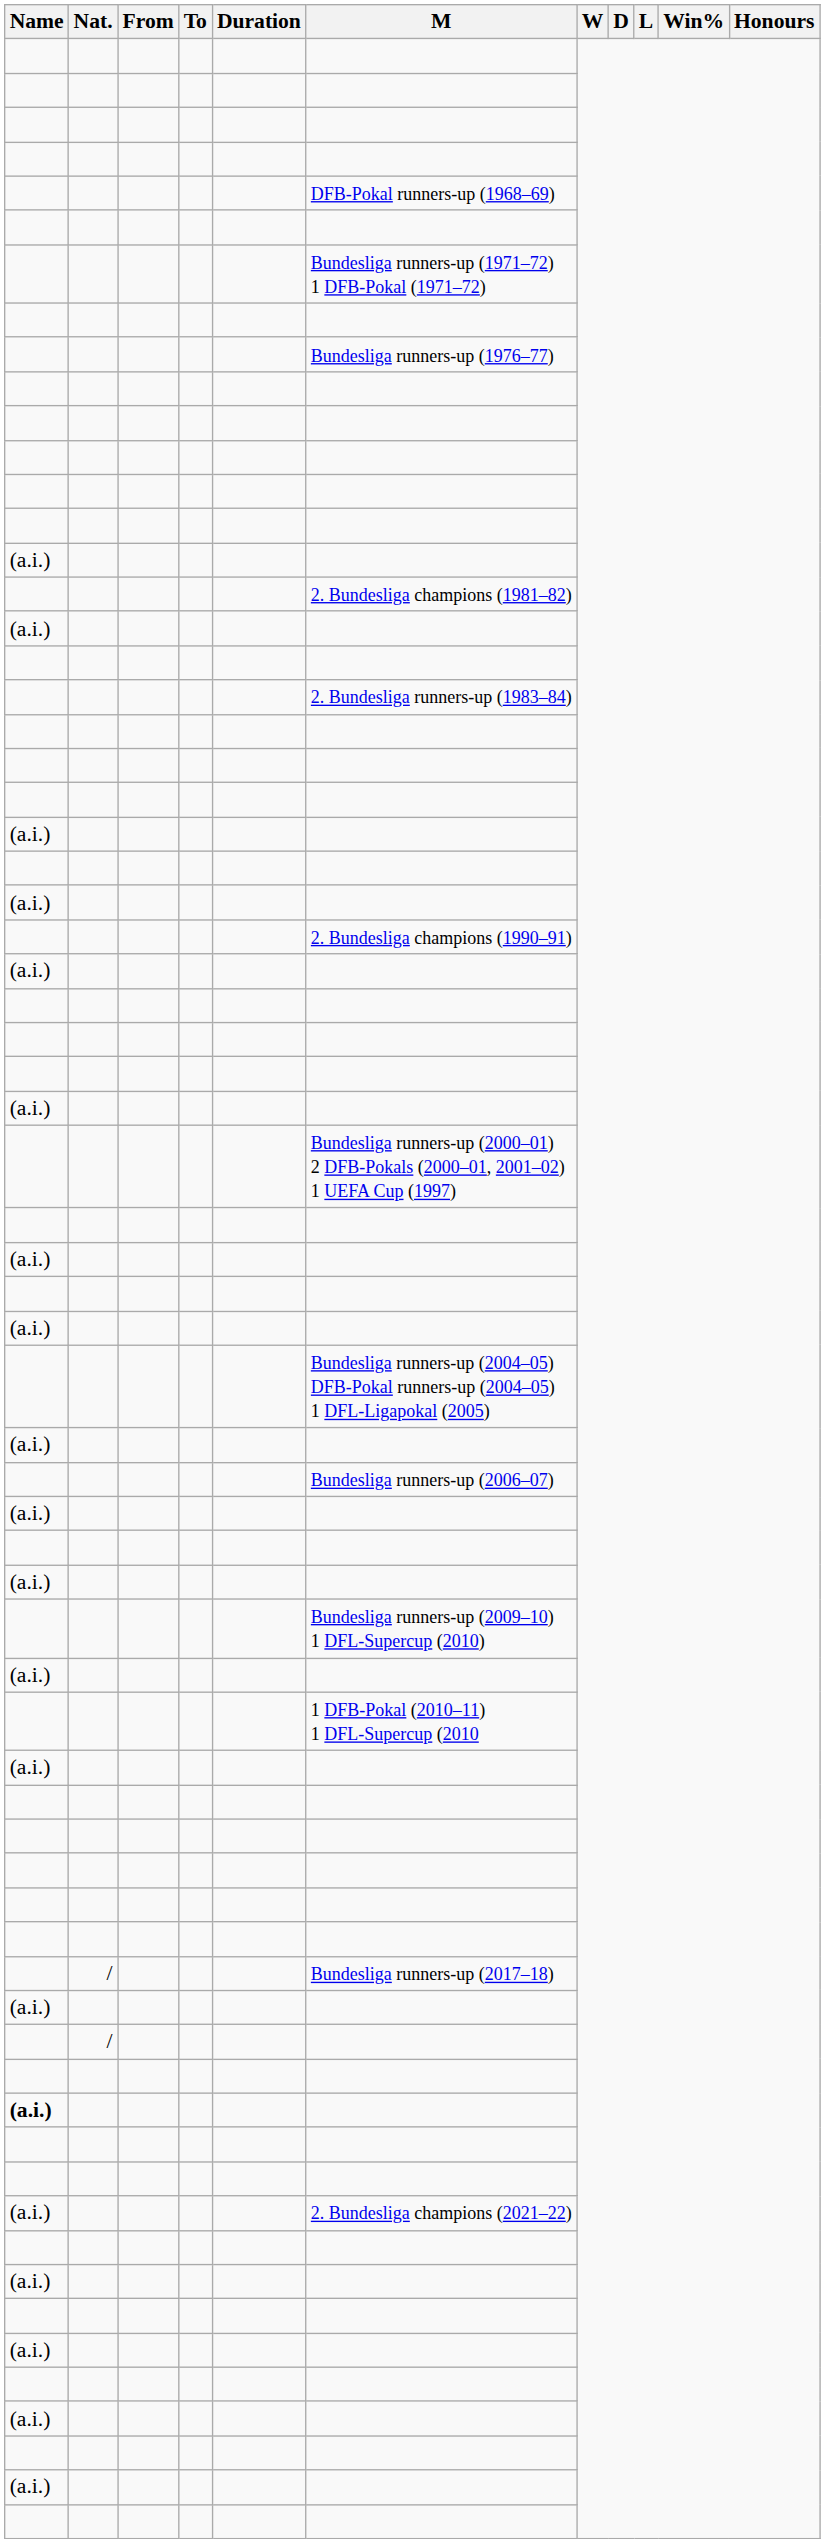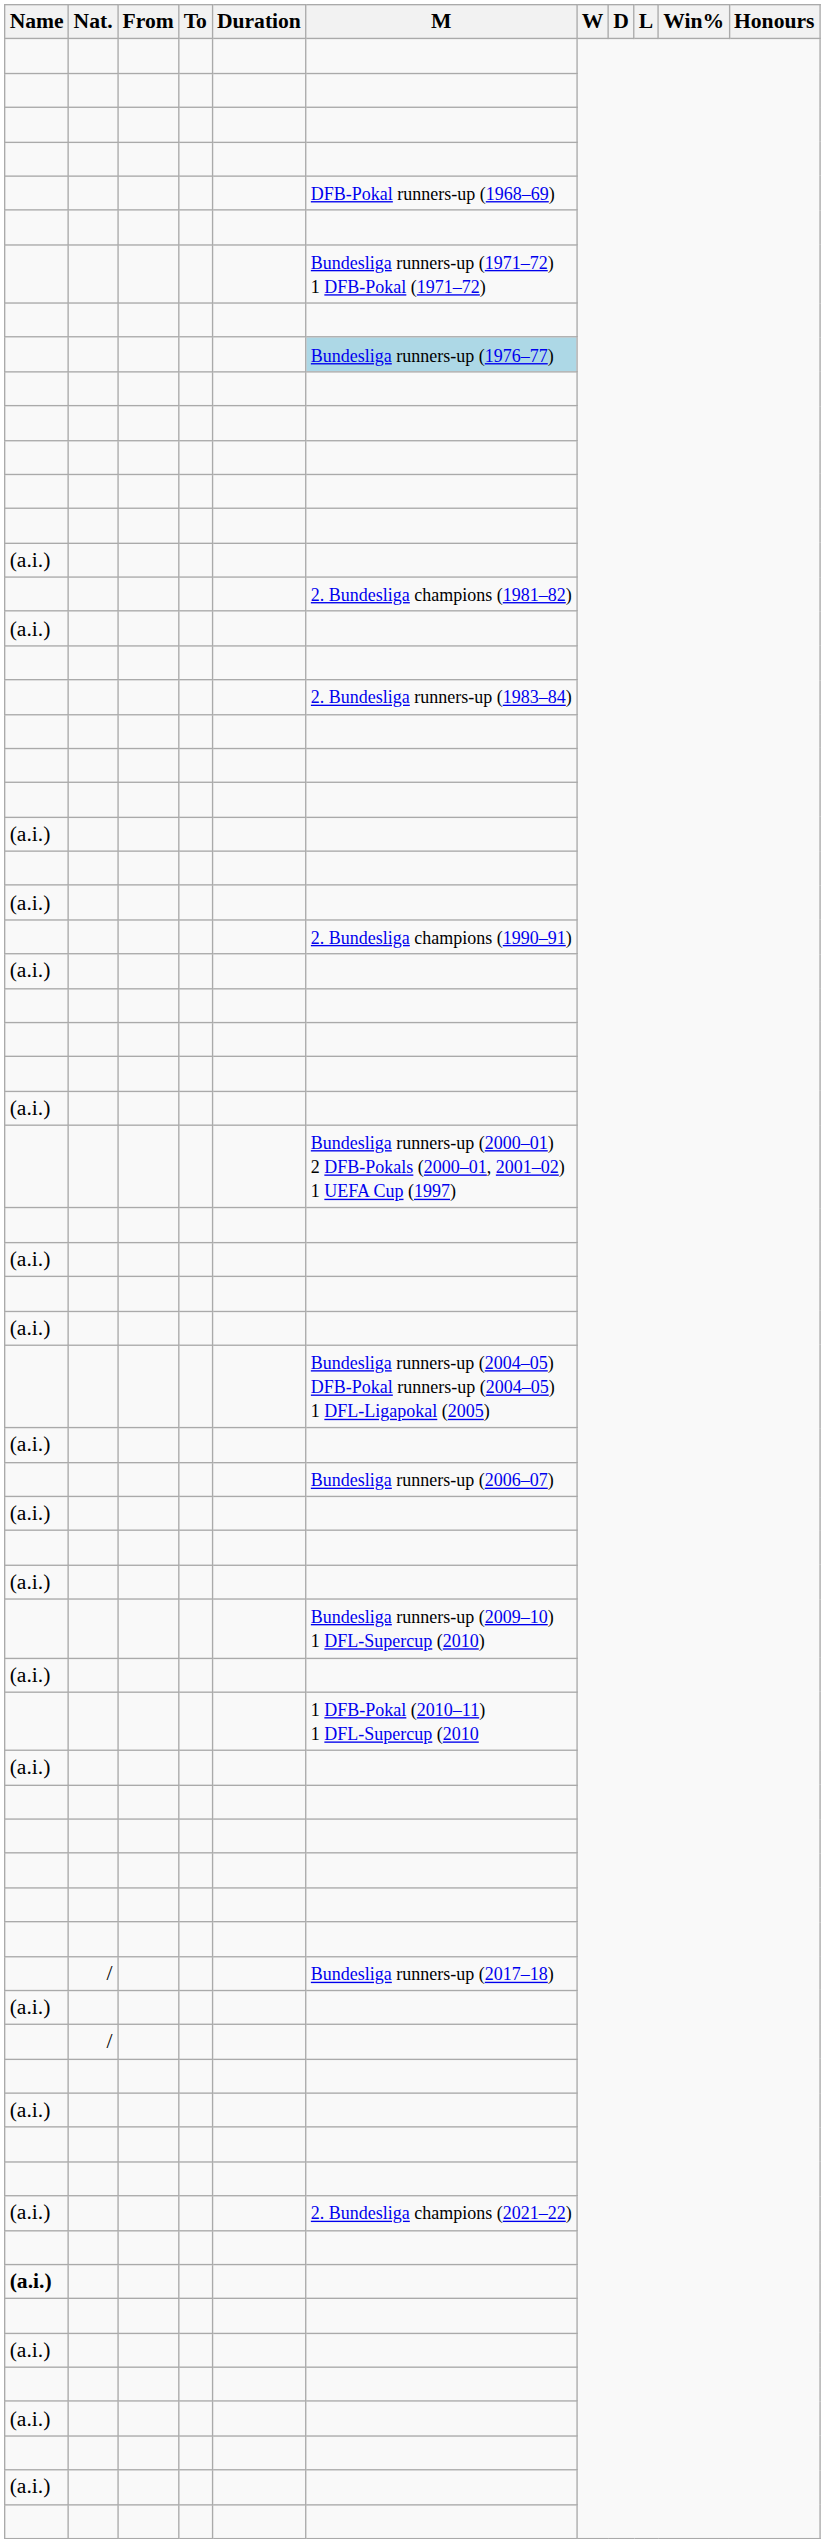 <table class="wikitable sortable nowrap" style="text-align:right">
 <tr>
 <th>Name</th>
 <th>Nat.</th>
 <th>From</th>
 <th>To</th>
 <th>Duration</th>
 <th>M</th>
 <th>W</th>
 <th>D</th>
 <th>L</th>
 <th>Win%</th>
 <th>Honours</th>
 </tr>
 <tr>
 <td align=left></td>
 <td></td>
 <td></td>
 <td></td>
 <td><br></td>
 <td></td>
 </tr>
 <tr>
 <td align=left></td>
 <td></td>
 <td></td>
 <td></td>
 <td><br></td>
 <td></td>
 </tr>
 <tr>
 <td align=left></td>
 <td></td>
 <td></td>
 <td></td>
 <td><br></td>
 <td></td>
 </tr>
 <tr>
 <td align=left></td>
 <td></td>
 <td></td>
 <td></td>
 <td><br></td>
 <td></td>
 </tr>
 <tr>
 <td align=left></td>
 <td></td>
 <td></td>
 <td></td>
 <td><br></td>
 <td align=left><small><a href='#'>DFB-Pokal</a> runners-up (<a href='#'>1968–69</a>)</small></td>
 </tr>
 <tr>
 <td align=left></td>
 <td></td>
 <td></td>
 <td></td>
 <td><br></td>
 <td></td>
 </tr>
 <tr>
 <td align=left></td>
 <td></td>
 <td></td>
 <td></td>
 <td><br></td>
 <td align=left><small><a href='#'>Bundesliga</a> runners-up (<a href='#'>1971–72</a>)<br>1 <a href='#'>DFB-Pokal</a> (<a href='#'>1971–72</a>)</small></td>
 </tr>
 <tr>
 <td align=left></td>
 <td></td>
 <td></td>
 <td></td>
 <td><br></td>
 <td></td>
 </tr>
 <tr>
 <td align=left></td>
 <td></td>
 <td></td>
 <td></td>
 <td><br></td>
-<td align=left><small><a href='#'>Bundesliga</a> runners-up (<a href='#'>1976–77</a>)</small></td>
+<td align=left style="background: lightblue;"><small><a href='#'>Bundesliga</a> runners-up (<a href='#'>1976–77</a>)</small></td>
 </tr>
 <tr>
 <td align=left></td>
 <td></td>
 <td></td>
 <td></td>
 <td><br></td>
 <td></td>
 </tr>
 <tr>
 <td align=left></td>
 <td></td>
 <td></td>
 <td></td>
 <td><br></td>
 <td></td>
 </tr>
 <tr>
 <td align=left></td>
 <td></td>
 <td></td>
 <td></td>
 <td><br></td>
 <td></td>
 </tr>
 <tr>
 <td align=left></td>
 <td></td>
 <td></td>
 <td></td>
 <td><br></td>
 <td></td>
 </tr>
 <tr>
 <td align=left></td>
 <td></td>
 <td></td>
 <td></td>
 <td><br></td>
 <td></td>
 </tr>
 <tr>
 <td align=left> (a.i.)</td>
 <td></td>
 <td></td>
 <td></td>
 <td><br></td>
 <td></td>
 </tr>
 <tr>
 <td align=left></td>
 <td></td>
 <td></td>
 <td></td>
 <td><br></td>
 <td align=left><small><a href='#'>2. Bundesliga</a> champions (<a href='#'>1981–82</a>)</small></td>
 </tr>
 <tr>
 <td align=left> (a.i.)</td>
 <td></td>
 <td></td>
 <td></td>
 <td><br></td>
 <td></td>
 </tr>
 <tr>
 <td align=left></td>
 <td></td>
 <td></td>
 <td></td>
 <td><br></td>
 <td></td>
 </tr>
 <tr>
 <td align=left></td>
 <td></td>
 <td></td>
 <td></td>
 <td><br></td>
 <td align=left><small><a href='#'>2. Bundesliga</a> runners-up (<a href='#'>1983–84</a>)</small></td>
 </tr>
 <tr>
 <td align=left></td>
 <td></td>
 <td></td>
 <td></td>
 <td><br></td>
 <td></td>
 </tr>
 <tr>
 <td align=left></td>
 <td></td>
 <td></td>
 <td></td>
 <td><br></td>
 <td></td>
 </tr>
 <tr>
 <td align=left></td>
 <td></td>
 <td></td>
 <td></td>
 <td><br></td>
 <td></td>
 </tr>
 <tr>
 <td align=left> (a.i.)</td>
 <td></td>
 <td></td>
 <td></td>
 <td><br></td>
 <td></td>
 </tr>
 <tr>
 <td align=left></td>
 <td></td>
 <td></td>
 <td></td>
 <td><br></td>
 <td></td>
 </tr>
 <tr>
 <td align=left> (a.i.)</td>
 <td></td>
 <td></td>
 <td></td>
 <td><br></td>
 <td></td>
 </tr>
 <tr>
 <td align=left></td>
 <td></td>
 <td></td>
 <td></td>
 <td><br></td>
 <td align=left><small><a href='#'>2. Bundesliga</a> champions (<a href='#'>1990–91</a>)</small></td>
 </tr>
 <tr>
 <td align=left> (a.i.)</td>
 <td></td>
 <td></td>
 <td></td>
 <td><br></td>
 <td></td>
 </tr>
 <tr>
 <td align=left></td>
 <td></td>
 <td></td>
 <td></td>
 <td><br></td>
 <td></td>
 </tr>
 <tr>
 <td align=left></td>
 <td></td>
 <td></td>
 <td></td>
 <td><br></td>
 <td></td>
 </tr>
 <tr>
 <td align=left></td>
 <td></td>
 <td></td>
 <td></td>
 <td><br></td>
 <td></td>
 </tr>
 <tr>
 <td align=left> (a.i.)</td>
 <td></td>
 <td></td>
 <td></td>
 <td><br></td>
 <td></td>
 </tr>
 <tr>
 <td align=left></td>
 <td></td>
 <td></td>
 <td></td>
 <td><br></td>
 <td align=left><small><a href='#'>Bundesliga</a> runners-up (<a href='#'>2000–01</a>)<br>2 <a href='#'>DFB-Pokals</a> (<a href='#'>2000–01</a>, <a href='#'>2001–02</a>)<br>1 <a href='#'>UEFA Cup</a> (<a href='#'>1997</a>)</small></td>
 </tr>
 <tr>
 <td align=left></td>
 <td></td>
 <td></td>
 <td></td>
 <td><br></td>
 <td></td>
 </tr>
 <tr>
 <td align=left> (a.i.)</td>
 <td></td>
 <td></td>
 <td></td>
 <td><br></td>
 <td></td>
 </tr>
 <tr>
 <td align=left></td>
 <td></td>
 <td></td>
 <td></td>
 <td><br></td>
 <td></td>
 </tr>
 <tr>
 <td align=left> (a.i.)</td>
 <td></td>
 <td></td>
 <td></td>
 <td><br></td>
 <td></td>
 </tr>
 <tr>
 <td align=left></td>
 <td></td>
 <td></td>
 <td></td>
 <td><br></td>
 <td align=left><small><a href='#'>Bundesliga</a> runners-up (<a href='#'>2004–05</a>)<br><a href='#'>DFB-Pokal</a> runners-up (<a href='#'>2004–05</a>)<br>1 <a href='#'>DFL-Ligapokal</a> (<a href='#'>2005</a>)</small></td>
 </tr>
 <tr>
 <td align=left> (a.i.)</td>
 <td></td>
 <td></td>
 <td></td>
 <td><br></td>
 <td></td>
 </tr>
 <tr>
 <td align=left></td>
 <td></td>
 <td></td>
 <td></td>
 <td><br></td>
 <td align=left><small><a href='#'>Bundesliga</a> runners-up (<a href='#'>2006–07</a>)</small></td>
 </tr>
 <tr>
 <td align=left> (a.i.)</td>
 <td></td>
 <td></td>
 <td></td>
 <td><br></td>
 <td></td>
 </tr>
 <tr>
 <td align=left></td>
 <td></td>
 <td></td>
 <td></td>
 <td><br></td>
 <td></td>
 </tr>
 <tr>
 <td align=left> (a.i.)</td>
 <td></td>
 <td></td>
 <td></td>
 <td><br></td>
 <td></td>
 </tr>
 <tr>
 <td align=left></td>
 <td></td>
 <td></td>
 <td></td>
 <td><br></td>
 <td align=left><small><a href='#'>Bundesliga</a> runners-up (<a href='#'>2009–10</a>)<br>1 <a href='#'>DFL-Supercup</a> (<a href='#'>2010</a>)</small></td>
 </tr>
 <tr>
 <td align=left> (a.i.)</td>
 <td></td>
 <td></td>
 <td></td>
 <td><br></td>
 <td></td>
 </tr>
 <tr>
 <td align=left></td>
 <td></td>
 <td></td>
 <td></td>
 <td><br></td>
 <td align=left><small>1 <a href='#'>DFB-Pokal</a> (<a href='#'>2010–11</a>)<br>1 <a href='#'>DFL-Supercup</a> (<a href='#'>2010</a></small></td>
 </tr>
 <tr>
 <td align=left> (a.i.)</td>
 <td></td>
 <td></td>
 <td></td>
 <td><br></td>
 <td></td>
 </tr>
 <tr>
 <td align=left></td>
 <td></td>
 <td></td>
 <td></td>
 <td><br></td>
 <td></td>
 </tr>
 <tr>
 <td align=left></td>
 <td></td>
 <td></td>
 <td></td>
 <td><br></td>
 <td></td>
 </tr>
 <tr>
 <td align=left></td>
 <td></td>
 <td></td>
 <td></td>
 <td><br></td>
 <td></td>
 </tr>
 <tr>
 <td align=left></td>
 <td></td>
 <td></td>
 <td></td>
 <td><br></td>
 <td></td>
 </tr>
 <tr>
 <td align=left></td>
 <td></td>
 <td></td>
 <td></td>
 <td><br></td>
 <td></td>
 </tr>
 <tr>
 <td align=left></td>
 <td>/</td>
 <td></td>
 <td></td>
 <td><br></td>
 <td align=left><small><a href='#'>Bundesliga</a> runners-up (<a href='#'>2017–18</a>)</small></td>
 </tr>
 <tr>
 <td align=left> (a.i.)</td>
 <td></td>
 <td></td>
 <td></td>
 <td><br></td>
 <td></td>
 </tr>
 <tr>
 <td align=left></td>
 <td>/</td>
 <td></td>
 <td></td>
 <td><br></td>
 <td></td>
 </tr>
 <tr>
 <td align=left></td>
 <td></td>
 <td></td>
 <td></td>
 <td><br></td>
 <td></td>
 </tr>
 <tr>
-<td align=left><strong> (a.i.)</strong></td>
+<td align=left> (a.i.)</td>
 <td></td>
 <td></td>
 <td></td>
 <td><br></td>
 <td></td>
 </tr>
 <tr>
 <td align=left></td>
 <td></td>
 <td></td>
 <td></td>
 <td><br></td>
 <td></td>
 </tr>
 <tr>
 <td align=left></td>
 <td></td>
 <td></td>
 <td></td>
 <td><br></td>
 <td></td>
 </tr>
 <tr>
 <td align=left> (a.i.)</td>
 <td></td>
 <td></td>
 <td></td>
 <td><br></td>
 <td align=left><small><a href='#'>2. Bundesliga</a> champions (<a href='#'>2021–22</a>)</small></td>
 </tr>
 <tr>
 <td align=left></td>
 <td></td>
 <td></td>
 <td></td>
 <td><br></td>
 <td></td>
 </tr>
 <tr>
-<td align=left> (a.i.)</td>
+<td align=left><strong> (a.i.)</strong></td>
 <td></td>
 <td></td>
 <td></td>
 <td><br></td>
 <td></td>
 </tr>
 <tr>
 <td align=left></td>
 <td></td>
 <td></td>
 <td></td>
 <td><br></td>
 <td></td>
 </tr>
 <tr>
 <td align=left> (a.i.)</td>
 <td></td>
 <td></td>
 <td></td>
 <td><br></td>
 <td></td>
 </tr>
 <tr>
 <td align=left></td>
 <td></td>
 <td></td>
 <td></td>
 <td><br></td>
 <td></td>
 </tr>
 <tr>
 <td align=left> (a.i.)</td>
 <td></td>
 <td></td>
 <td></td>
 <td><br></td>
 <td></td>
 </tr>
 <tr>
 <td align=left></td>
 <td></td>
 <td></td>
 <td></td>
 <td><br></td>
 <td></td>
 </tr>
 <tr>
 <td align=left> (a.i.)</td>
 <td></td>
 <td></td>
 <td></td>
 <td><br></td>
 <td></td>
 </tr>
 <tr>
 <td align=left></td>
 <td></td>
 <td></td>
 <td></td>
 <td><br></td>
 <td></td>
 </tr>
 </table>
